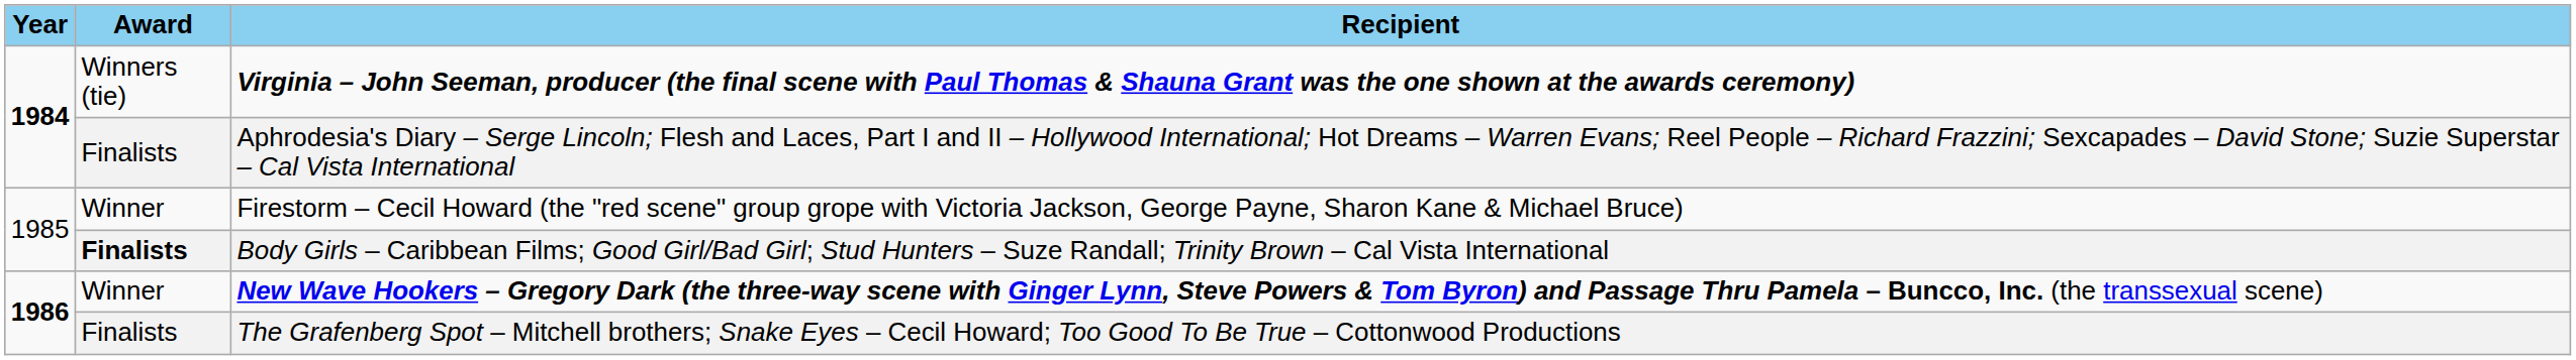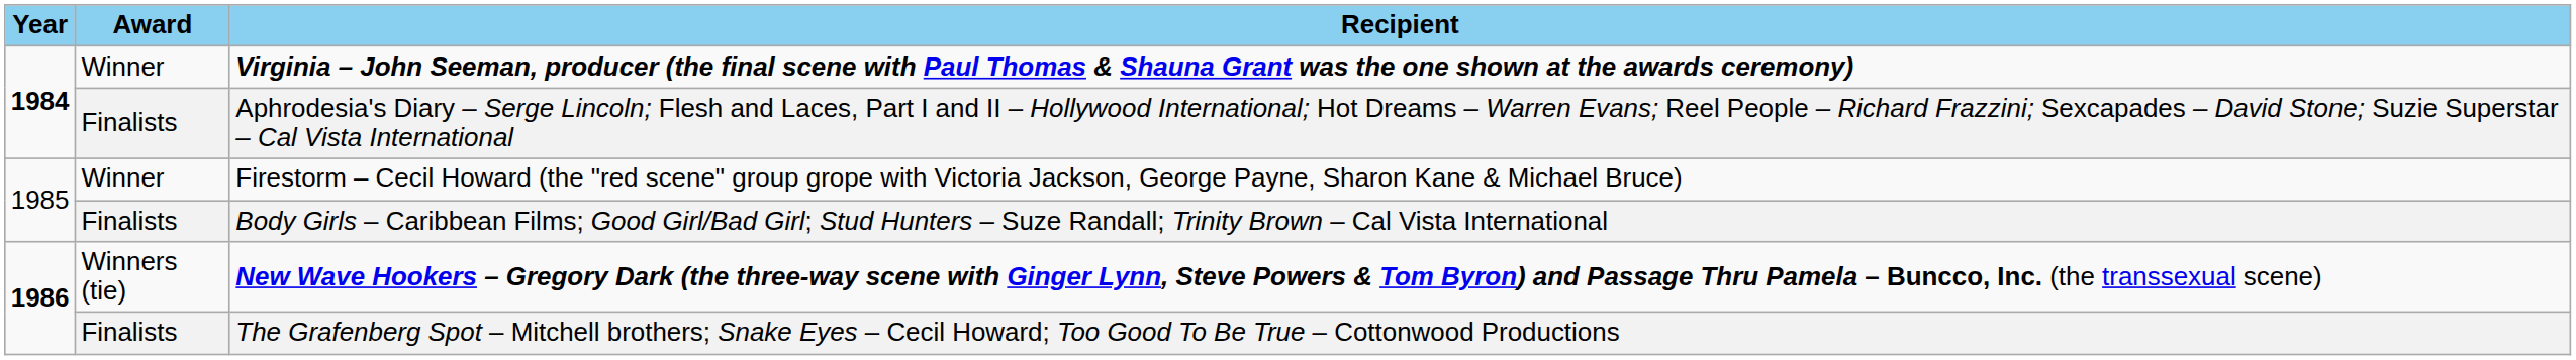 <table class="wikitable">
 <tr>
 <th style="background:#89CFF0">Year</th>
 <th style="background:#89CFF0">Award</th>
 <th style="background:#89CFF0">Recipient</th>
 </tr>
 <tr>
 <td rowspan=2><strong>1984</strong></td>
-<td>Winners (tie)</td>
+<td>Winner</td>
 <td><strong><em>Virginia<em> – John Seeman<strong>, producer (the final scene with <a href='#'>Paul Thomas</a> & <a href='#'>Shauna Grant</a> was the one shown at the awards ceremony)</td>
 </tr>
 <tr>
 <td style="background:#F2F2F2">Finalists</td>
 <td style="background:#F2F2F2"></em>Aphrodesia's Diary<em> – Serge Lincoln; </em>Flesh and Laces, Part I and II<em> – Hollywood International; </em>Hot Dreams<em> – Warren Evans; </em>Reel People<em> – Richard Frazzini; </em>Sexcapades<em> – David Stone; </em>Suzie Superstar<em> – Cal Vista International</td>
 </tr>
 <tr>
 <td rowspan=2></strong>1985<strong></td>
 <td>Winner</td>
 <td></em></strong>Firestorm</em> – Cecil Howard</strong> (the "red scene" group grope with Victoria Jackson, George Payne, Sharon Kane & Michael Bruce)</td>
 </tr>
 <tr>
-<td style="background:#F2F2F2"><strong>Finalists</strong></td>
+<td style="background:#F2F2F2">Finalists</td>
 <td style="background:#F2F2F2"><em>Body Girls</em> – Caribbean Films; <em>Good Girl/Bad Girl</em>; <em>Stud Hunters</em> – Suze Randall; <em>Trinity Brown</em> – Cal Vista International</td>
 </tr>
 <tr>
 <td rowspan=2><strong>1986</strong></td>
-<td>Winner</td>
+<td>Winners (tie)</td>
 <td><strong><em><a href='#'>New Wave Hookers</a><em> – Gregory Dark<strong> (the three-way scene with <a href='#'>Ginger Lynn</a>, Steve Powers & <a href='#'>Tom Byron</a>) and </em></strong>Passage Thru Pamela</em> – Buncco, Inc.</strong> (the <a href='#'>transsexual</a> scene)</td>
 </tr>
 <tr>
 <td style="background:#F2F2F2">Finalists</td>
 <td style="background:#F2F2F2"><em>The Grafenberg Spot</em> – Mitchell brothers; <em>Snake Eyes</em> – Cecil Howard; <em>Too Good To Be True</em> – Cottonwood Productions</td>
 </tr>
 </table>
